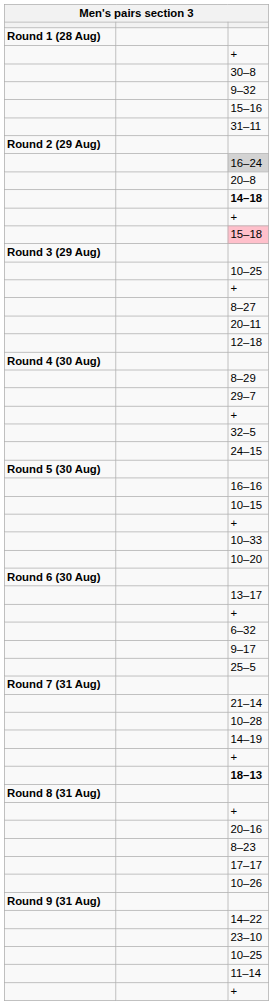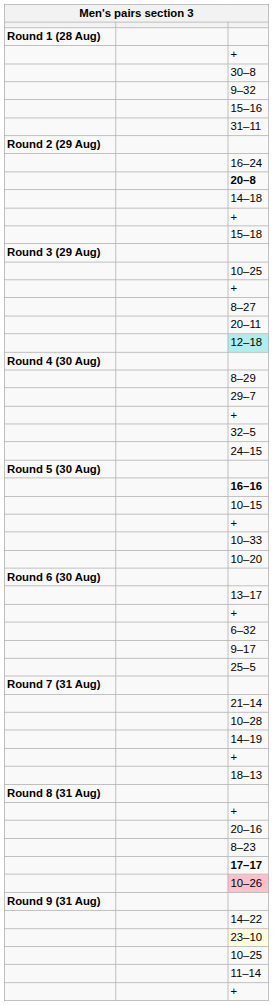 <table class="wikitable">
 <tr>
 <th colspan="3">Men's pairs section 3</th>
 </tr>
 <tr>
 <th width=150></th>
 <th width=150></th>
 <th width=50></th>
 </tr>
 <tr>
 <td><strong>Round 1 (28 Aug)</strong></td>
 <td></td>
 <td></td>
 </tr>
 <tr>
 <td></td>
 <td></td>
 <td>+</td>
 </tr>
 <tr>
 <td></td>
 <td></td>
 <td>30–8</td>
 </tr>
 <tr>
 <td></td>
 <td></td>
 <td>9–32</td>
 </tr>
 <tr>
 <td></td>
 <td></td>
 <td>15–16</td>
 </tr>
 <tr>
 <td></td>
 <td></td>
 <td>31–11</td>
 </tr>
 <tr>
 <td><strong>Round 2 (29 Aug)</strong></td>
 <td></td>
 <td></td>
 </tr>
 <tr>
 <td></td>
 <td></td>
-<td style="background: lightgrey;">16–24</td>
+<td>16–24</td>
 </tr>
 <tr>
 <td></td>
 <td></td>
-<td>20–8</td>
+<td><strong>20–8</strong></td>
 </tr>
 <tr>
 <td></td>
 <td></td>
-<td><strong>14–18</strong></td>
+<td>14–18</td>
 </tr>
 <tr>
 <td></td>
 <td></td>
 <td>+</td>
 </tr>
 <tr>
 <td></td>
 <td></td>
-<td style="background: pink;">15–18</td>
+<td>15–18</td>
 </tr>
 <tr>
 <td><strong>Round 3 (29 Aug)</strong></td>
 <td></td>
 <td></td>
 </tr>
 <tr>
 <td></td>
 <td></td>
 <td>10–25</td>
 </tr>
 <tr>
 <td></td>
 <td></td>
 <td>+</td>
 </tr>
 <tr>
 <td></td>
 <td></td>
 <td>8–27</td>
 </tr>
 <tr>
 <td></td>
 <td></td>
 <td>20–11</td>
 </tr>
 <tr>
 <td></td>
 <td></td>
-<td>12–18</td>
+<td style="background: paleturquoise;">12–18</td>
 </tr>
 <tr>
 <td><strong>Round 4 (30 Aug)</strong></td>
 <td></td>
 <td></td>
 </tr>
 <tr>
 <td></td>
 <td></td>
 <td>8–29</td>
 </tr>
 <tr>
 <td></td>
 <td></td>
 <td>29–7</td>
 </tr>
 <tr>
 <td></td>
 <td></td>
 <td>+</td>
 </tr>
 <tr>
 <td></td>
 <td></td>
 <td>32–5</td>
 </tr>
 <tr>
 <td></td>
 <td></td>
 <td>24–15</td>
 </tr>
 <tr>
 <td><strong>Round 5 (30 Aug)</strong></td>
 <td></td>
 <td></td>
 </tr>
 <tr>
 <td></td>
 <td></td>
-<td>16–16</td>
+<td><strong>16–16</strong></td>
 </tr>
 <tr>
 <td></td>
 <td></td>
 <td>10–15</td>
 </tr>
 <tr>
 <td></td>
 <td></td>
 <td>+</td>
 </tr>
 <tr>
 <td></td>
 <td></td>
 <td>10–33</td>
 </tr>
 <tr>
 <td></td>
 <td></td>
 <td>10–20</td>
 </tr>
 <tr>
 <td><strong>Round 6  (30 Aug)</strong></td>
 <td></td>
 <td></td>
 </tr>
 <tr>
 <td></td>
 <td></td>
 <td>13–17</td>
 </tr>
 <tr>
 <td></td>
 <td></td>
 <td>+</td>
 </tr>
 <tr>
 <td></td>
 <td></td>
 <td>6–32</td>
 </tr>
 <tr>
 <td></td>
 <td></td>
 <td>9–17</td>
 </tr>
 <tr>
 <td></td>
 <td></td>
 <td>25–5</td>
 </tr>
 <tr>
 <td><strong>Round 7 (31 Aug)</strong></td>
 <td></td>
 <td></td>
 </tr>
 <tr>
 <td></td>
 <td></td>
 <td>21–14</td>
 </tr>
 <tr>
 <td></td>
 <td></td>
 <td>10–28</td>
 </tr>
 <tr>
 <td></td>
 <td></td>
 <td>14–19</td>
 </tr>
 <tr>
 <td></td>
 <td></td>
 <td>+</td>
 </tr>
 <tr>
 <td></td>
 <td></td>
-<td><strong>18–13</strong></td>
+<td>18–13</td>
 </tr>
 <tr>
 <td><strong>Round 8 (31 Aug)</strong></td>
 <td></td>
 <td></td>
 </tr>
 <tr>
 <td></td>
 <td></td>
 <td>+</td>
 </tr>
 <tr>
 <td></td>
 <td></td>
 <td>20–16</td>
 </tr>
 <tr>
 <td></td>
 <td></td>
 <td>8–23</td>
 </tr>
 <tr>
 <td></td>
 <td></td>
-<td>17–17</td>
+<td><strong>17–17</strong></td>
 </tr>
 <tr>
 <td></td>
 <td></td>
-<td>10–26</td>
+<td style="background: pink;">10–26</td>
 </tr>
 <tr>
 <td><strong>Round 9 (31 Aug)</strong></td>
 <td></td>
 <td></td>
 </tr>
 <tr>
 <td></td>
 <td></td>
 <td>14–22</td>
 </tr>
 <tr>
 <td></td>
 <td></td>
-<td>23–10</td>
+<td style="background: lightyellow;">23–10</td>
 </tr>
 <tr>
 <td></td>
 <td></td>
 <td>10–25</td>
 </tr>
 <tr>
 <td></td>
 <td></td>
 <td>11–14</td>
 </tr>
 <tr>
 <td></td>
 <td></td>
 <td>+</td>
 </tr>
 </table>
